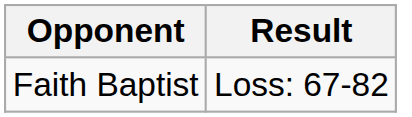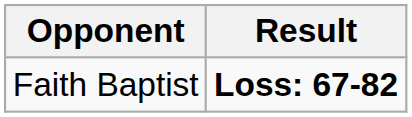 <table class="wikitable">
 <tr>
 <th>Opponent</th>
 <th>Result</th>
 </tr>
 <tr>
 <td>Faith Baptist</td>
-<td>Loss: 67-82</td>
+<td><strong>Loss: 67-82</strong></td>
 </tr>
 </table>
